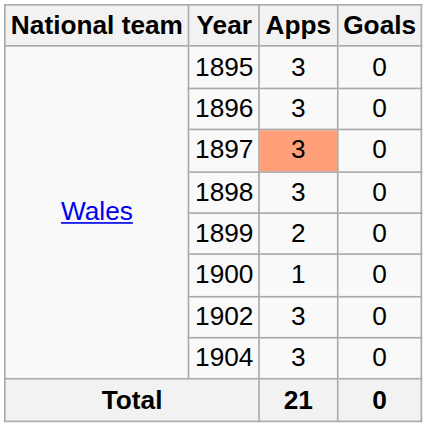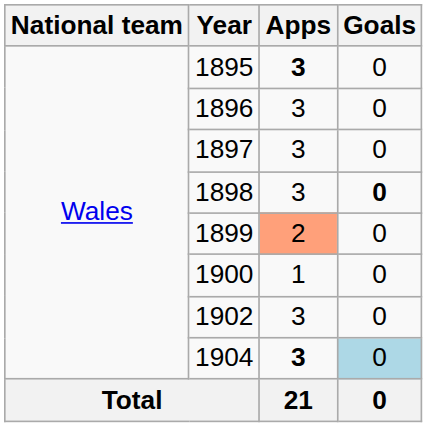 <table class="wikitable" style="text-align: center;">
 <tr>
 <th>National team</th>
 <th>Year</th>
 <th>Apps</th>
 <th>Goals</th>
 </tr>
 <tr>
 <td rowspan="8"><a href='#'>Wales</a></td>
 <td>1895</td>
-<td>3</td>
+<td><strong>3</strong></td>
 <td>0</td>
 </tr>
 <tr>
 <td>1896</td>
 <td>3</td>
 <td>0</td>
 </tr>
 <tr>
 <td>1897</td>
-<td style="background: lightsalmon;">3</td>
+<td>3</td>
 <td>0</td>
 </tr>
 <tr>
 <td>1898</td>
 <td>3</td>
-<td>0</td>
+<td><strong>0</strong></td>
 </tr>
 <tr>
 <td>1899</td>
-<td>2</td>
+<td style="background: lightsalmon;">2</td>
 <td>0</td>
 </tr>
 <tr>
 <td>1900</td>
 <td>1</td>
 <td>0</td>
 </tr>
 <tr>
 <td>1902</td>
 <td>3</td>
 <td>0</td>
 </tr>
 <tr>
 <td>1904</td>
-<td>3</td>
-<td>0</td>
+<td><strong>3</strong></td>
+<td style="background: lightblue;">0</td>
 </tr>
 <tr>
 <th colspan="2">Total</th>
 <th>21</th>
 <th>0</th>
 </tr>
 </table>
